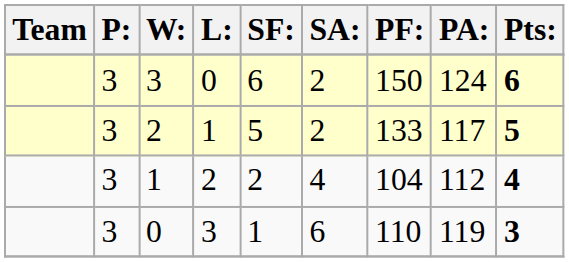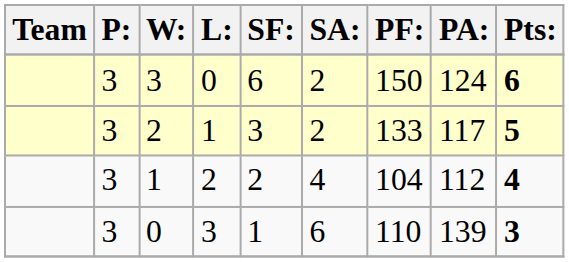 <table class="wikitable">
 <tr>
 <th>Team</th>
 <th>P:</th>
 <th>W:</th>
 <th>L:</th>
 <th>SF:</th>
 <th>SA:</th>
 <th>PF:</th>
 <th>PA:</th>
 <th>Pts:</th>
 </tr>
 <tr valign="top">
 </tr>
 <tr bgcolor="#ffffcc">
 <td></td>
 <td>3</td>
 <td>3</td>
 <td>0</td>
 <td>6</td>
 <td>2</td>
 <td>150</td>
 <td>124</td>
 <td><strong>6</strong></td>
 </tr>
 <tr bgcolor="#ffffcc">
 <td></td>
 <td>3</td>
 <td>2</td>
 <td>1</td>
-<td>5</td>
+<td>3</td>
 <td>2</td>
 <td>133</td>
 <td>117</td>
 <td><strong>5</strong></td>
 </tr>
 <tr>
 <td></td>
 <td>3</td>
 <td>1</td>
 <td>2</td>
 <td>2</td>
 <td>4</td>
 <td>104</td>
 <td>112</td>
 <td><strong>4</strong></td>
 </tr>
 <tr>
 <td></td>
 <td>3</td>
 <td>0</td>
 <td>3</td>
 <td>1</td>
 <td>6</td>
 <td>110</td>
-<td>119</td>
+<td>139</td>
 <td><strong>3</strong></td>
 </tr>
 <tr>
 </tr>
 </table>
